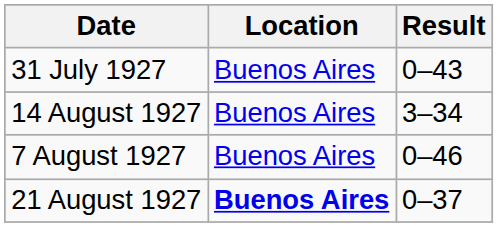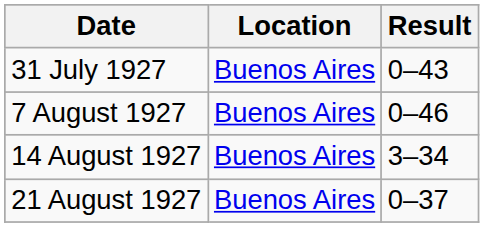 <table class="wikitable" style="align:center;">
 <tr>
 <th>Date</th>
 <th>Location</th>
 <th>Result</th>
 </tr>
 <tr>
 <td>31 July 1927</td>
 <td><a href='#'>Buenos Aires</a></td>
 <td> 0–43 </td>
 </tr>
 <tr>
+<td>7 August 1927</td>
+<td><a href='#'>Buenos Aires</a></td>
+<td> 0–46 </td>
+</tr>
+<tr>
 <td>14 August 1927</td>
 <td><a href='#'>Buenos Aires</a></td>
 <td> 3–34 </td>
 </tr>
 <tr>
-<td>7 August 1927</td>
+<td>21 August 1927</td>
 <td><a href='#'>Buenos Aires</a></td>
-<td> 0–46 </td>
-</tr>
-<tr>
-<td>21 August 1927</td>
-<td><strong><a href='#'>Buenos Aires</a></strong></td>
 <td> 0–37 </td>
 </tr>
 </table>
